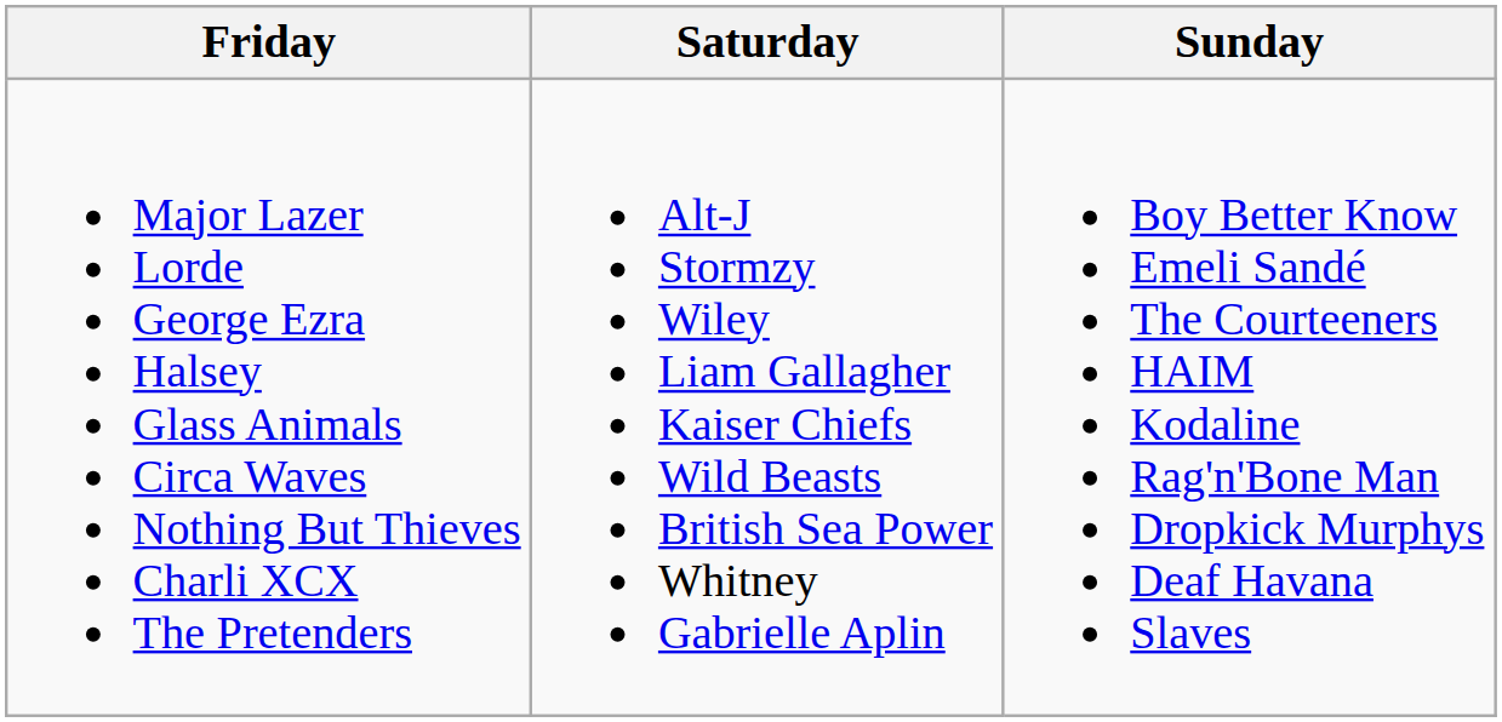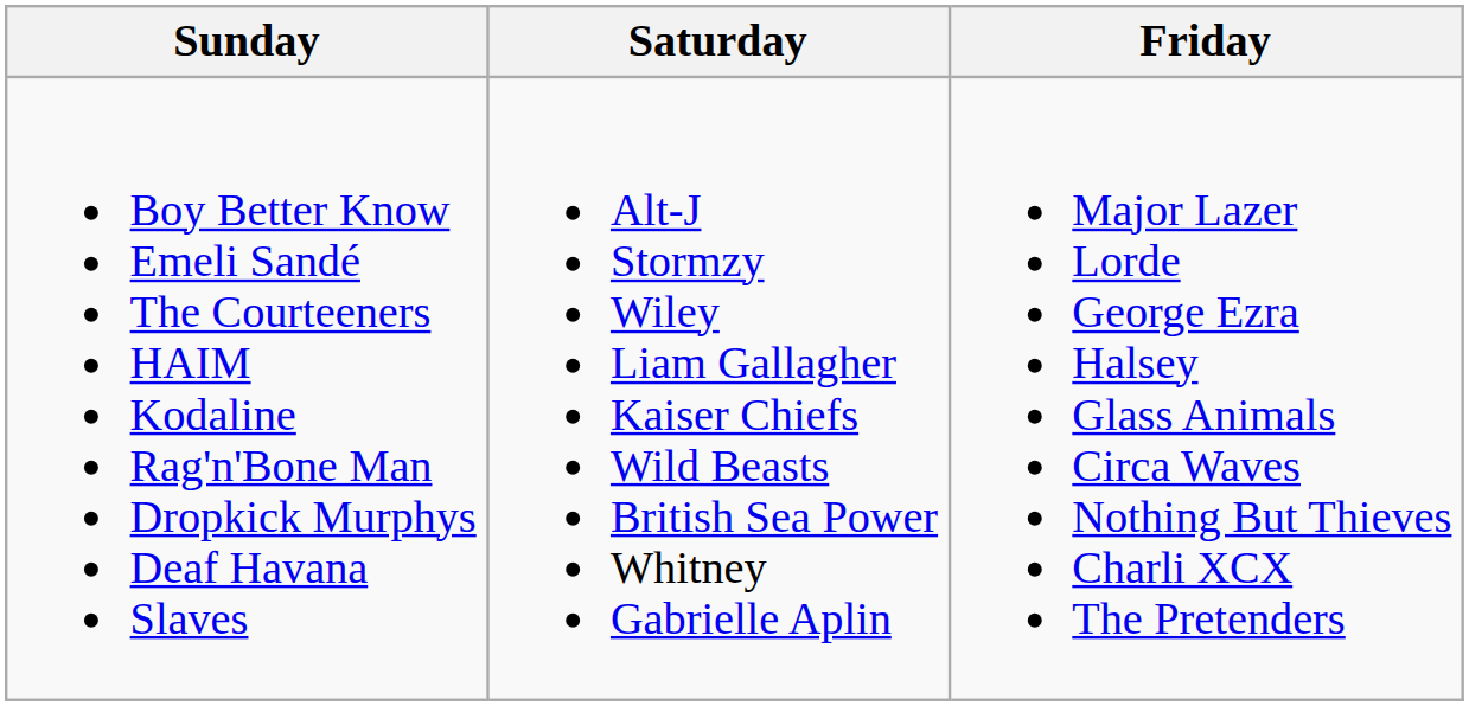 <table class="wikitable">
 <tr>
+<th>Sunday</th>
+<th>Saturday</th>
 <th>Friday</th>
-<th>Saturday</th>
-<th>Sunday</th>
 </tr>
 <tr valign="top">
+<td><br><ul><li><a href='#'>Boy Better Know</a></li><li><a href='#'>Emeli Sandé</a></li><li><a href='#'>The Courteeners</a></li><li><a href='#'>HAIM</a></li><li><a href='#'>Kodaline</a></li><li><a href='#'>Rag'n'Bone Man</a></li><li><a href='#'>Dropkick Murphys</a></li><li><a href='#'>Deaf Havana</a></li><li><a href='#'>Slaves</a></li></ul></td>
+<td><br><ul><li><a href='#'>Alt-J</a></li><li><a href='#'>Stormzy</a></li><li><a href='#'>Wiley</a></li><li><a href='#'>Liam Gallagher</a></li><li><a href='#'>Kaiser Chiefs</a></li><li><a href='#'>Wild Beasts</a></li><li><a href='#'>British Sea Power</a></li><li>Whitney</li><li><a href='#'>Gabrielle Aplin</a></li></ul></td>
 <td><br><ul><li><a href='#'>Major Lazer</a></li><li><a href='#'>Lorde</a></li><li><a href='#'>George Ezra</a></li><li><a href='#'>Halsey</a></li><li><a href='#'>Glass Animals</a></li><li><a href='#'>Circa Waves</a></li><li><a href='#'>Nothing But Thieves</a></li><li><a href='#'>Charli XCX</a></li><li><a href='#'>The Pretenders</a></li></ul></td>
-<td><br><ul><li><a href='#'>Alt-J</a></li><li><a href='#'>Stormzy</a></li><li><a href='#'>Wiley</a></li><li><a href='#'>Liam Gallagher</a></li><li><a href='#'>Kaiser Chiefs</a></li><li><a href='#'>Wild Beasts</a></li><li><a href='#'>British Sea Power</a></li><li>Whitney</li><li><a href='#'>Gabrielle Aplin</a></li></ul></td>
-<td><br><ul><li><a href='#'>Boy Better Know</a></li><li><a href='#'>Emeli Sandé</a></li><li><a href='#'>The Courteeners</a></li><li><a href='#'>HAIM</a></li><li><a href='#'>Kodaline</a></li><li><a href='#'>Rag'n'Bone Man</a></li><li><a href='#'>Dropkick Murphys</a></li><li><a href='#'>Deaf Havana</a></li><li><a href='#'>Slaves</a></li></ul></td>
 </tr>
 </table>
